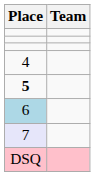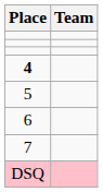 <table class="wikitable">
 <tr>
 <th>Place</th>
 <th>Team</th>
 </tr>
 <tr>
 <td align=center></td>
 <td></td>
 </tr>
 <tr>
 <td align=center></td>
 <td></td>
 </tr>
 <tr>
 <td align=center></td>
 <td></td>
 </tr>
 <tr>
-<td align=center>4</td>
+<td align=center><strong>4</strong></td>
 <td></td>
 </tr>
 <tr>
-<td align=center><strong>5</strong></td>
+<td align=center>5</td>
 <td></td>
 </tr>
 <tr>
-<td align=center style="background: lightblue;">6</td>
+<td align=center>6</td>
 <td></td>
 </tr>
 <tr>
-<td align=center style="background: lavender;">7</td>
+<td align=center>7</td>
 <td></td>
 </tr>
 <tr bgcolor=pink>
 <td align=center>DSQ</td>
 <td></td>
 </tr>
 </table>
